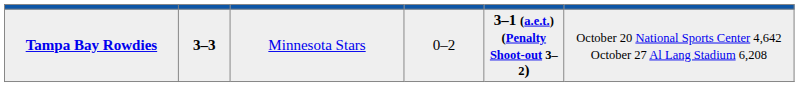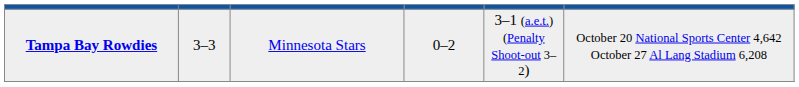 <table style=border-collapse:collapse border=1 cellspacing=0 cellpadding=2>
 <tr align=center bgcolor=#0D56A6>
 <th width=180></th>
 <th width=50></th>
 <th width=180></th>
 <th width=80></th>
 <th width=80></th>
 <td width=240></td>
 </tr>
 <tr align=center bgcolor=#efefef>
 <td align=center><strong><a href='#'>Tampa Bay Rowdies</a></strong></td>
-<td><strong>3–3</strong></td>
+<td>3–3</td>
 <td align=center><a href='#'>Minnesota Stars</a></td>
 <td>0–2</td>
-<td><strong>3–1 <small>(<a href='#'>a.e.t.</a>)<br>(<a href='#'>Penalty Shoot-out</a> 3–2</small>)</strong></td>
+<td>3–1 <small>(<a href='#'>a.e.t.</a>)<br>(<a href='#'>Penalty Shoot-out</a> 3–2</small>)</td>
 <td><small>October 20 <a href='#'>National Sports Center</a> 4,642<br>October 27 <a href='#'>Al Lang Stadium</a> 6,208</small></td>
 </tr>
 </table>
